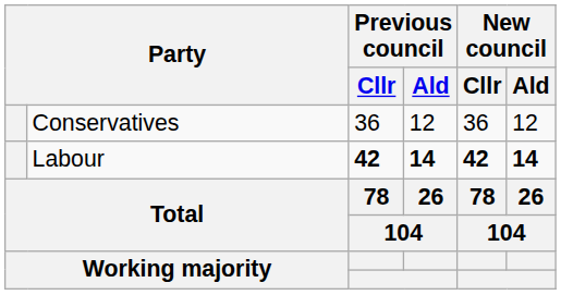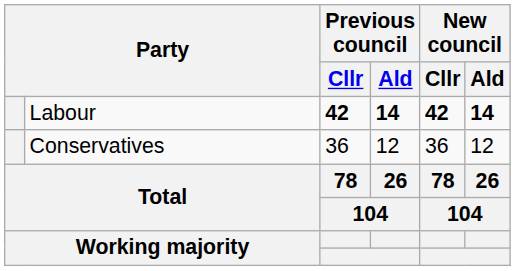 <table class="wikitable">
 <tr>
 <th colspan="2" rowspan="2" style="width: 230px">Party</th>
 <th valign=top colspan="2" style="width: 30px">Previous council</th>
 <th valign=top colspan="2" style="width: 30px">New council</th>
 </tr>
 <tr>
 <th><a href='#'>Cllr</a></th>
 <th><a href='#'>Ald</a></th>
 <th>Cllr</th>
 <th>Ald</th>
 </tr>
 <tr>
 <th style="background-color: "></th>
+<td>Labour</td>
+<td><strong>42</strong></td>
+<td><strong>14</strong></td>
+<td><strong>42</strong></td>
+<td><strong>14</strong></td>
+</tr>
+<tr>
+<th style="background-color: "></th>
 <td>Conservatives</td>
 <td>36</td>
 <td>12</td>
 <td>36</td>
 <td>12</td>
-</tr>
-<tr>
-<th style="background-color: "></th>
-<td>Labour</td>
-<td><strong>42</strong></td>
-<td><strong>14</strong></td>
-<td><strong>42</strong></td>
-<td><strong>14</strong></td>
 </tr>
 <tr>
 <th colspan="2" rowspan="2">Total</th>
 <th style="text-align: center">78</th>
 <th style="text-align: center">26</th>
 <th style="text-align: center">78</th>
 <th style="text-align: center">26</th>
 </tr>
 <tr>
 <th colspan="2" style="text-align: center">104</th>
 <th colspan="2" style="text-align: center">104</th>
 </tr>
 <tr>
 <th colspan="2" rowspan="2">Working majority</th>
 <th></th>
 <th></th>
 <th></th>
 <th></th>
 </tr>
 <tr>
 <th colspan="2"></th>
 <th colspan="2"></th>
 </tr>
 </table>
